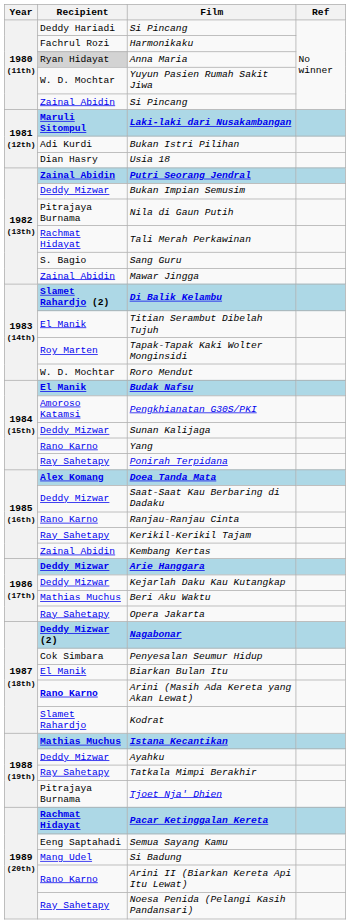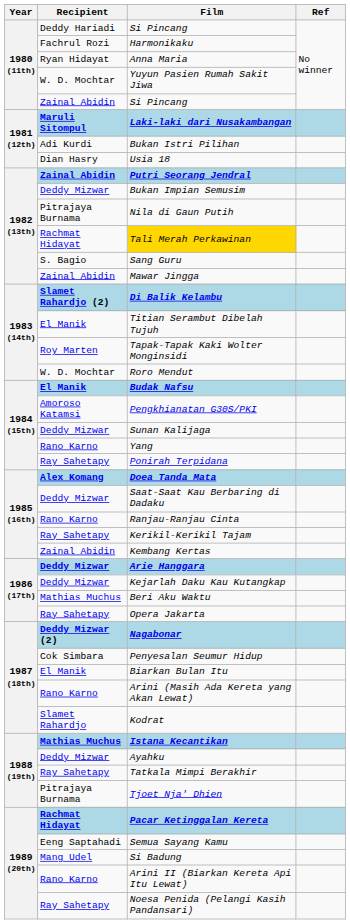 <table class="wikitable plainrowheaders sortable" style="width: 74%;">
 <tr>
 <th scope="col">Year</th>
 <th scope="col">Recipient</th>
 <th scope="col">Film</th>
 <th scope="col" class="unsortable">Ref</th>
 </tr>
 <tr>
 <th scope="row" rowspan="5" style="text-align:center;"><strong>1980</strong><br><small>(11th)</small></th>
 <td scope="row">Deddy Hariadi</td>
 <td><em>Si Pincang</em></td>
 <td rowspan="5">No winner</td>
 </tr>
 <tr>
 <td scope="row">Fachrul Rozi</td>
 <td><em>Harmonikaku</em></td>
 </tr>
 <tr>
-<td scope="row" style="background: lightgrey;">Ryan Hidayat</td>
+<td scope="row">Ryan Hidayat</td>
 <td><em>Anna Maria</em></td>
 </tr>
 <tr>
 <td scope="row">W. D. Mochtar</td>
 <td><em>Yuyun Pasien Rumah Sakit Jiwa</em></td>
 </tr>
 <tr>
 <td scope="row"><a href='#'>Zainal Abidin</a></td>
 <td><em>Si Pincang</em></td>
 </tr>
 <tr>
 <th scope="row" rowspan="3" style="text-align:center;"><strong>1981</strong><br><small>(12th)</small></th>
 <td scope="row" style="background:lightblue;"><strong><a href='#'>Maruli Sitompul</a></strong></td>
 <td style="background:lightblue;"><strong><em><a href='#'>Laki-laki dari Nusakambangan</a></em></strong></td>
 <td style="background:lightblue;"></td>
 </tr>
 <tr>
 <td scope="row">Adi Kurdi</td>
 <td><em>Bukan Istri Pilihan</em></td>
 <td></td>
 </tr>
 <tr>
 <td scope="row">Dian Hasry</td>
 <td><em>Usia 18</em></td>
 <td></td>
 </tr>
 <tr>
 <th scope="row" rowspan="6" style="text-align:center;"><strong>1982</strong><br><small>(13th)</small></th>
 <td scope="row" style="background:lightblue;"><a href='#'><strong>Zainal Abidin</strong></a></td>
 <td style="background:lightblue;"><strong><em><a href='#'>Putri Seorang Jendral</a></em></strong></td>
 <td style="background:lightblue;"></td>
 </tr>
 <tr>
 <td scope="row"><a href='#'>Deddy Mizwar</a></td>
 <td><em>Bukan Impian Semusim</em></td>
 <td></td>
 </tr>
 <tr>
 <td scope="row">Pitrajaya Burnama</td>
 <td><em>Nila di Gaun Putih</em></td>
 <td></td>
 </tr>
 <tr>
 <td scope="row"><a href='#'>Rachmat Hidayat</a></td>
-<td><em>Tali Merah Perkawinan</em></td>
+<td style="background: gold;"><em>Tali Merah Perkawinan</em></td>
 <td></td>
 </tr>
 <tr>
 <td scope="row">S. Bagio</td>
 <td><em>Sang Guru</em></td>
 <td></td>
 </tr>
 <tr>
 <td scope="row"><a href='#'>Zainal Abidin</a></td>
 <td><em>Mawar Jingga</em></td>
 <td></td>
 </tr>
 <tr>
 <th scope="row" rowspan="4" style="text-align:center;"><strong>1983</strong><br><small>(14th)</small></th>
 <td scope="row" style="background:lightblue;"><strong><a href='#'>Slamet Rahardjo</a> (2)</strong></td>
 <td style="background:lightblue;"><strong><em><a href='#'>Di Balik Kelambu</a></em></strong></td>
 <td style="background:lightblue;"></td>
 </tr>
 <tr>
 <td scope="row"><a href='#'>El Manik</a></td>
 <td><em>Titian Serambut Dibelah Tujuh</em></td>
 <td></td>
 </tr>
 <tr>
 <td scope="row"><a href='#'>Roy Marten</a></td>
 <td><em>Tapak-Tapak Kaki Wolter Monginsidi</em></td>
 <td></td>
 </tr>
 <tr>
 <td scope="row">W. D. Mochtar</td>
 <td><em>Roro Mendut</em></td>
 <td></td>
 </tr>
 <tr>
 <th scope="row" rowspan="5" style="text-align:center;"><strong>1984</strong><br><small>(15th)</small></th>
 <td scope="row" style="background:lightblue;"><strong><a href='#'>El Manik</a></strong></td>
 <td style="background:lightblue;"><strong><em><a href='#'>Budak Nafsu</a></em></strong></td>
 <td style="background:lightblue;"></td>
 </tr>
 <tr>
 <td scope="row"><a href='#'>Amoroso Katamsi</a></td>
 <td><em><a href='#'>Pengkhianatan G30S/PKI</a></em></td>
 <td></td>
 </tr>
 <tr>
 <td scope="row"><a href='#'>Deddy Mizwar</a></td>
 <td><em>Sunan Kalijaga</em></td>
 <td></td>
 </tr>
 <tr>
 <td scope="row"><a href='#'>Rano Karno</a></td>
 <td><em>Yang</em></td>
 <td></td>
 </tr>
 <tr>
 <td scope="row"><a href='#'>Ray Sahetapy</a></td>
 <td><em><a href='#'>Ponirah Terpidana</a></em></td>
 <td></td>
 </tr>
 <tr>
 <th scope="row" rowspan="5" style="text-align:center;"><strong>1985</strong><br><small>(16th)</small></th>
 <td scope="row" style="background:lightblue;"><strong><a href='#'>Alex Komang</a></strong></td>
 <td style="background:lightblue;"><strong><em><a href='#'>Doea Tanda Mata</a></em></strong></td>
 <td style="background:lightblue;"></td>
 </tr>
 <tr>
 <td scope="row"><a href='#'>Deddy Mizwar</a></td>
 <td><em>Saat-Saat Kau Berbaring di Dadaku</em></td>
 <td></td>
 </tr>
 <tr>
 <td scope="row"><a href='#'>Rano Karno</a></td>
 <td><em>Ranjau-Ranjau Cinta</em></td>
 <td></td>
 </tr>
 <tr>
 <td scope="row"><a href='#'>Ray Sahetapy</a></td>
 <td><em>Kerikil-Kerikil Tajam</em></td>
 <td></td>
 </tr>
 <tr>
 <td scope="row"><a href='#'>Zainal Abidin</a></td>
 <td><em>Kembang Kertas</em></td>
 <td></td>
 </tr>
 <tr>
 <th scope="row" rowspan="4" style="text-align:center;"><strong>1986</strong><br><small>(17th)</small></th>
 <td scope="row" style="background:lightblue;"><strong><a href='#'>Deddy Mizwar</a></strong></td>
 <td style="background:lightblue;"><strong><em><a href='#'>Arie Hanggara</a></em></strong></td>
 <td style="background:lightblue;"></td>
 </tr>
 <tr>
 <td scope="row"><a href='#'>Deddy Mizwar</a></td>
 <td><em>Kejarlah Daku Kau Kutangkap</em></td>
 <td></td>
 </tr>
 <tr>
 <td scope="row"><a href='#'>Mathias Muchus</a></td>
 <td><em>Beri Aku Waktu</em></td>
 <td></td>
 </tr>
 <tr>
 <td scope="row"><a href='#'>Ray Sahetapy</a></td>
 <td><em>Opera Jakarta</em></td>
 <td></td>
 </tr>
 <tr>
 <th scope="row" rowspan="5" style="text-align:center;"><strong>1987</strong><br><small>(18th)</small></th>
 <td scope="row" style="background:lightblue;"><strong><a href='#'>Deddy Mizwar</a> (2)</strong></td>
 <td style="background:lightblue;"><strong><em><a href='#'>Nagabonar</a></em></strong></td>
 <td style="background:lightblue;"></td>
 </tr>
 <tr>
 <td scope="row">Cok Simbara</td>
 <td><em>Penyesalan Seumur Hidup</em></td>
 <td></td>
 </tr>
 <tr>
 <td scope="row"><a href='#'>El Manik</a></td>
 <td><em>Biarkan Bulan Itu</em></td>
 <td></td>
 </tr>
 <tr>
-<td scope="row"><strong><a href='#'>Rano Karno</a></strong></td>
+<td scope="row"><a href='#'>Rano Karno</a></td>
 <td><em>Arini (Masih Ada Kereta yang Akan Lewat)</em></td>
 <td></td>
 </tr>
 <tr>
 <td scope="row"><a href='#'>Slamet Rahardjo</a></td>
 <td><em>Kodrat</em></td>
 <td></td>
 </tr>
 <tr>
 <th scope="row" rowspan="4" style="text-align:center;"><strong>1988</strong><br><small>(19th)</small></th>
 <td scope="row" style="background:lightblue;"><strong><a href='#'>Mathias Muchus</a></strong></td>
 <td style="background:lightblue;"><strong><em><a href='#'>Istana Kecantikan</a></em></strong></td>
 <td style="background:lightblue;"></td>
 </tr>
 <tr>
 <td scope="row"><a href='#'>Deddy Mizwar</a></td>
 <td><em>Ayahku</em></td>
 <td></td>
 </tr>
 <tr>
 <td scope="row"><a href='#'>Ray Sahetapy</a></td>
 <td><em>Tatkala Mimpi Berakhir</em></td>
 <td></td>
 </tr>
 <tr>
 <td scope="row">Pitrajaya Burnama</td>
 <td><em><a href='#'>Tjoet Nja' Dhien</a></em></td>
 <td></td>
 </tr>
 <tr>
 <th scope="row" rowspan="5" style="text-align:center;"><strong>1989</strong><br><small>(20th)</small></th>
 <td scope="row" style="background:lightblue;"><strong><a href='#'>Rachmat Hidayat</a></strong></td>
 <td style="background:lightblue;"><strong><em><a href='#'>Pacar Ketinggalan Kereta</a></em></strong></td>
 <td style="background:lightblue;"></td>
 </tr>
 <tr>
 <td scope="row">Eeng Saptahadi</td>
 <td><em>Semua Sayang Kamu</em></td>
 <td></td>
 </tr>
 <tr>
 <td scope="row"><a href='#'>Mang Udel</a></td>
 <td><em>Si Badung</em></td>
 <td></td>
 </tr>
 <tr>
 <td scope="row"><a href='#'>Rano Karno</a></td>
 <td><em>Arini II (Biarkan Kereta Api Itu Lewat)</em></td>
 <td></td>
 </tr>
 <tr>
 <td scope="row"><a href='#'>Ray Sahetapy</a></td>
 <td><em>Noesa Penida (Pelangi Kasih Pandansari)</em></td>
 <td></td>
 </tr>
 </table>
